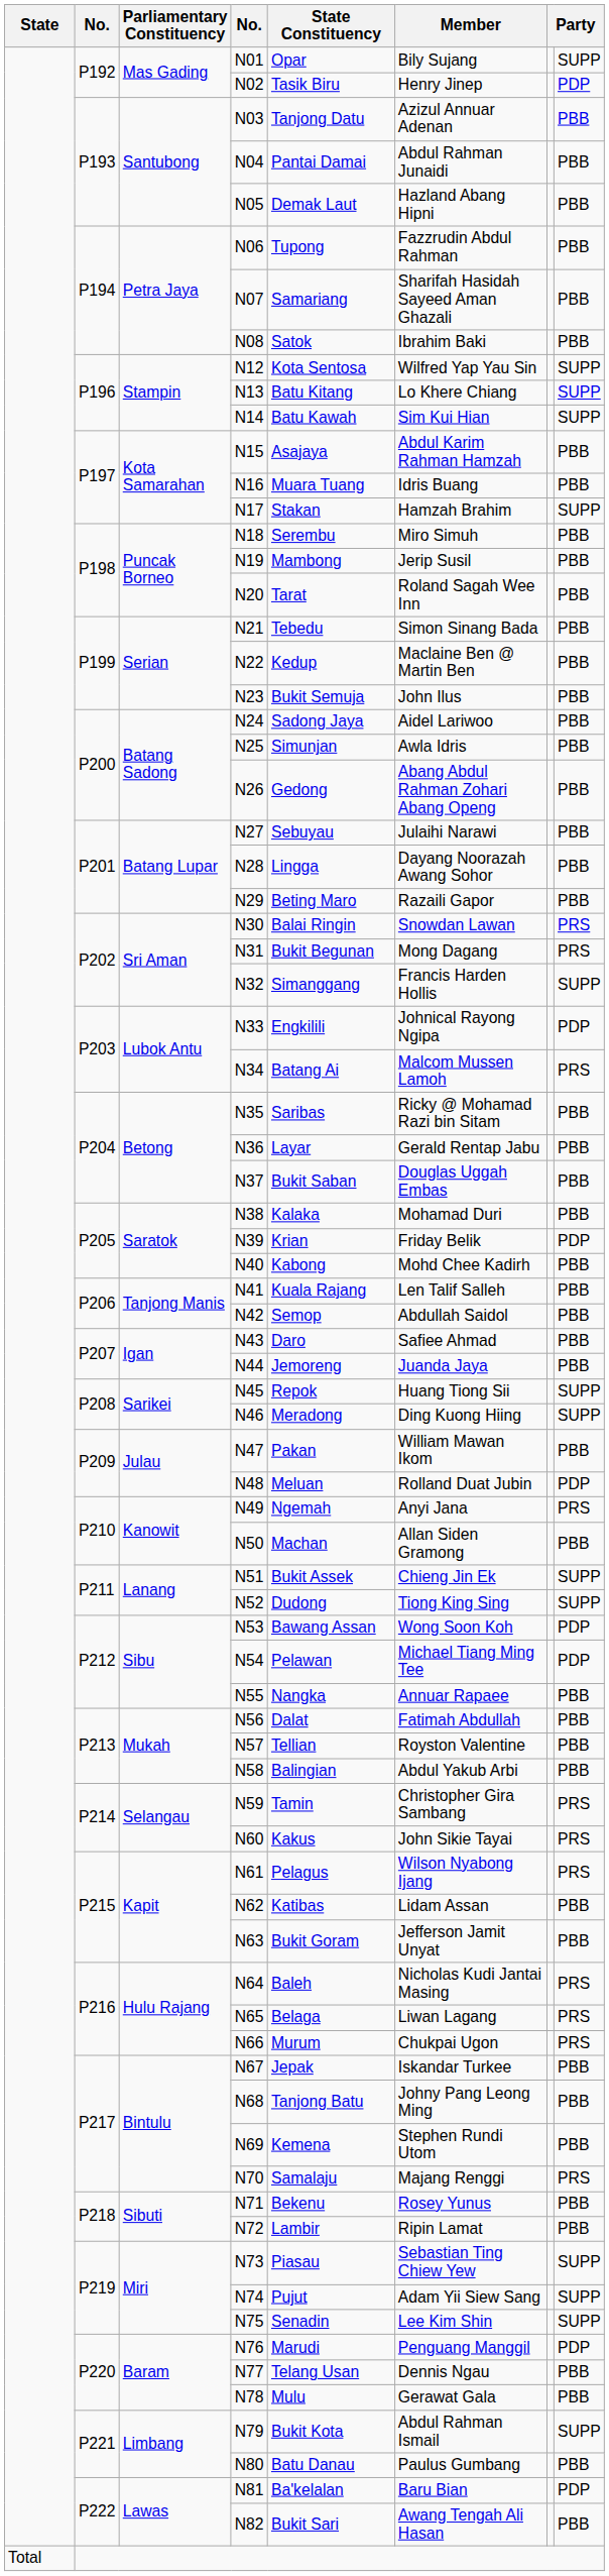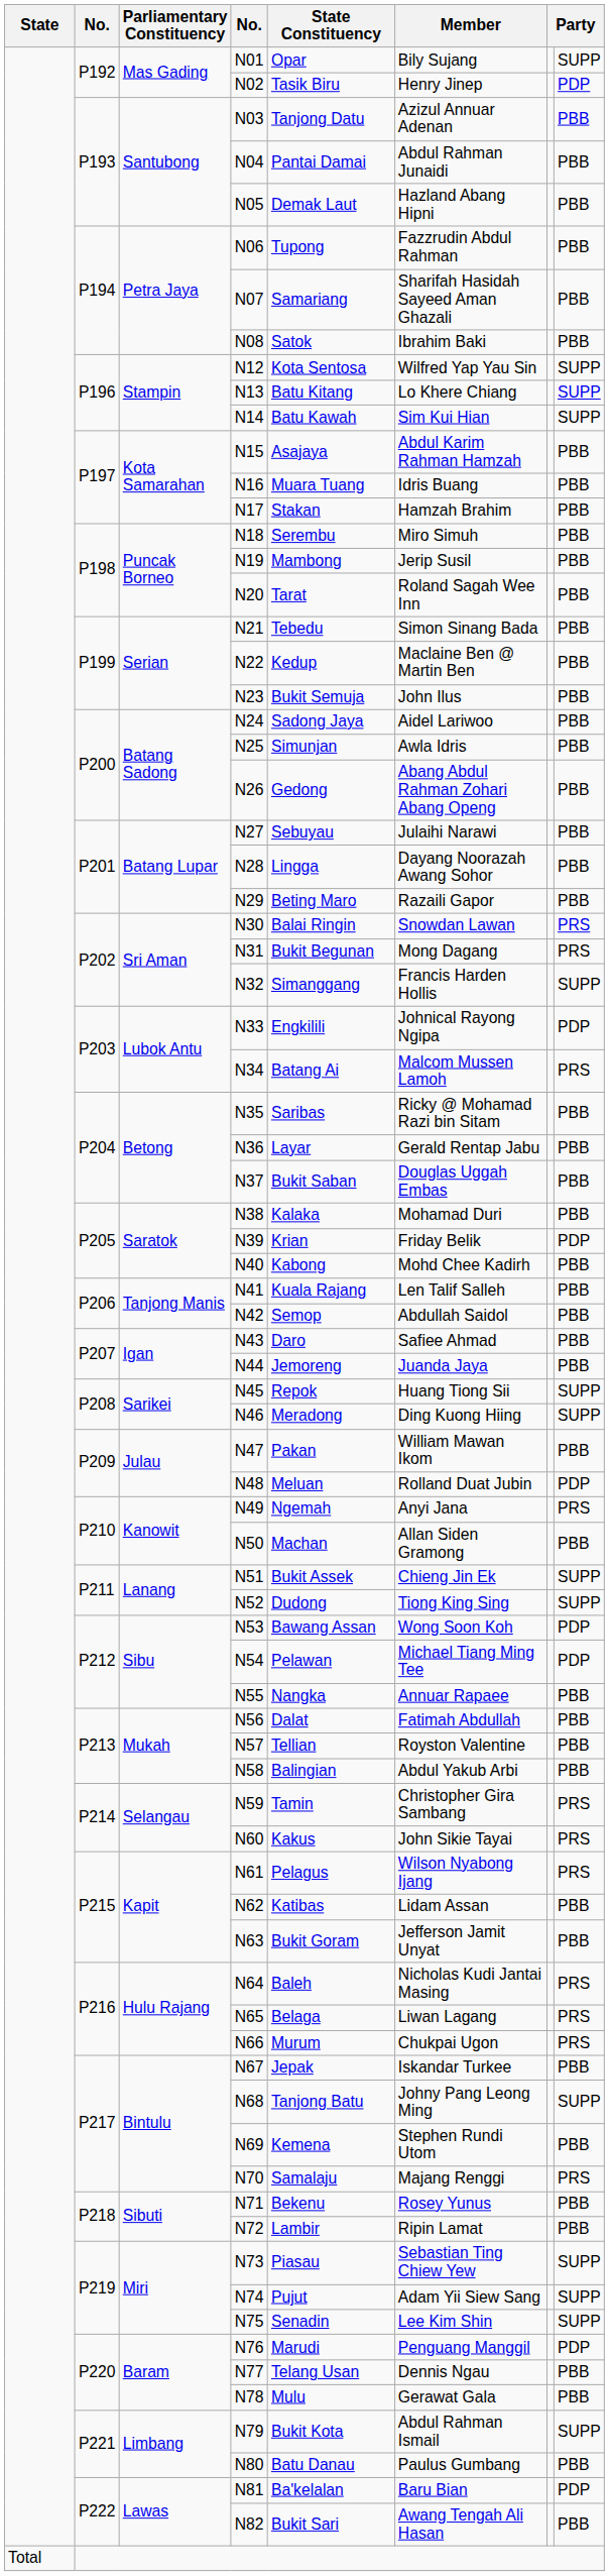 <table class="wikitable sortable">
 <tr>
 <th style="width:100px;">State</th>
 <th>No.</th>
 <th>Parliamentary Constituency</th>
 <th style="width:30px;">No.</th>
 <th style="width:150px;">State Constituency</th>
 <th style="width:240px;">Member</th>
 <th style="width:80px;" colspan=2>Party</th>
 </tr>
 <tr>
 <td rowspan="79"></td>
 <td rowspan="2">P192</td>
 <td rowspan="2"><a href='#'>Mas Gading</a></td>
 <td>N01</td>
 <td><a href='#'>Opar</a></td>
 <td>Bily Sujang</td>
 <td style="background:"></td>
 <td>SUPP</td>
 </tr>
 <tr>
 <td>N02</td>
 <td><a href='#'>Tasik Biru</a></td>
 <td>Henry Jinep</td>
 <td style="background:"></td>
 <td><a href='#'>PDP</a></td>
 </tr>
 <tr>
 <td rowspan="3">P193</td>
 <td rowspan="3"><a href='#'>Santubong</a></td>
 <td>N03</td>
 <td><a href='#'>Tanjong Datu</a></td>
 <td>Azizul Annuar Adenan</td>
 <td style="background:"></td>
 <td><a href='#'>PBB</a></td>
 </tr>
 <tr>
 <td>N04</td>
 <td><a href='#'>Pantai Damai</a></td>
 <td>Abdul Rahman Junaidi</td>
 <td style="background:"></td>
 <td>PBB</td>
 </tr>
 <tr>
 <td>N05</td>
 <td><a href='#'>Demak Laut</a></td>
 <td>Hazland Abang Hipni</td>
 <td style="background:"></td>
 <td>PBB</td>
 </tr>
 <tr>
 <td rowspan="3">P194</td>
 <td rowspan="3"><a href='#'>Petra Jaya</a></td>
 <td>N06</td>
 <td><a href='#'>Tupong</a></td>
 <td>Fazzrudin Abdul Rahman</td>
 <td style="background:"></td>
 <td>PBB</td>
 </tr>
 <tr>
 <td>N07</td>
 <td><a href='#'>Samariang</a></td>
 <td>Sharifah Hasidah Sayeed Aman Ghazali</td>
 <td style="background:"></td>
 <td>PBB</td>
 </tr>
 <tr>
 <td>N08</td>
 <td><a href='#'>Satok</a></td>
 <td>Ibrahim Baki</td>
 <td style="background:"></td>
 <td>PBB</td>
 </tr>
 <tr>
 <td rowspan="3">P196</td>
 <td rowspan="3"><a href='#'>Stampin</a></td>
 <td>N12</td>
 <td><a href='#'>Kota Sentosa</a></td>
 <td>Wilfred Yap Yau Sin</td>
 <td style="background:"></td>
 <td>SUPP</td>
 </tr>
 <tr>
 <td>N13</td>
 <td><a href='#'>Batu Kitang</a></td>
 <td>Lo Khere Chiang</td>
 <td style="background:"></td>
 <td><a href='#'>SUPP</a></td>
 </tr>
 <tr>
 <td>N14</td>
 <td><a href='#'>Batu Kawah</a></td>
 <td><a href='#'>Sim Kui Hian</a></td>
 <td style="background:"></td>
 <td>SUPP</td>
 </tr>
 <tr>
 <td rowspan="3">P197</td>
 <td rowspan="3"><a href='#'>Kota Samarahan</a></td>
 <td>N15</td>
 <td><a href='#'>Asajaya</a></td>
 <td><a href='#'>Abdul Karim Rahman Hamzah</a></td>
 <td style="background:"></td>
 <td>PBB</td>
 </tr>
 <tr>
 <td>N16</td>
 <td><a href='#'>Muara Tuang</a></td>
 <td>Idris Buang</td>
 <td style="background:"></td>
 <td>PBB</td>
 </tr>
 <tr>
 <td>N17</td>
 <td><a href='#'>Stakan</a></td>
 <td>Hamzah Brahim</td>
 <td style="background:"></td>
-<td>SUPP</td>
+<td>PBB</td>
 </tr>
 <tr>
 <td rowspan="3">P198</td>
 <td rowspan="3"><a href='#'>Puncak Borneo</a></td>
 <td>N18</td>
 <td><a href='#'>Serembu</a></td>
 <td>Miro Simuh</td>
 <td style="background:"></td>
 <td>PBB</td>
 </tr>
 <tr>
 <td>N19</td>
 <td><a href='#'>Mambong</a></td>
 <td>Jerip Susil</td>
 <td style="background:"></td>
 <td>PBB</td>
 </tr>
 <tr>
 <td>N20</td>
 <td><a href='#'>Tarat</a></td>
 <td>Roland Sagah Wee Inn</td>
 <td style="background:"></td>
 <td>PBB</td>
 </tr>
 <tr>
 <td rowspan="3">P199</td>
 <td rowspan="3"><a href='#'>Serian</a></td>
 <td>N21</td>
 <td><a href='#'>Tebedu</a></td>
 <td>Simon Sinang Bada</td>
 <td style="background:"></td>
 <td>PBB</td>
 </tr>
 <tr>
 <td>N22</td>
 <td><a href='#'>Kedup</a></td>
 <td>Maclaine Ben @ Martin Ben</td>
 <td style="background:"></td>
 <td>PBB</td>
 </tr>
 <tr>
 <td>N23</td>
 <td><a href='#'>Bukit Semuja</a></td>
 <td>John Ilus</td>
 <td style="background:"></td>
 <td>PBB</td>
 </tr>
 <tr>
 <td rowspan="3">P200</td>
 <td rowspan="3"><a href='#'>Batang Sadong</a></td>
 <td>N24</td>
 <td><a href='#'>Sadong Jaya</a></td>
 <td>Aidel Lariwoo</td>
 <td style="background:"></td>
 <td>PBB</td>
 </tr>
 <tr>
 <td>N25</td>
 <td><a href='#'>Simunjan</a></td>
 <td>Awla Idris</td>
 <td style="background:"></td>
 <td>PBB</td>
 </tr>
 <tr>
 <td>N26</td>
 <td><a href='#'>Gedong</a></td>
 <td><a href='#'>Abang Abdul Rahman Zohari Abang Openg</a></td>
 <td style="background:"></td>
 <td>PBB</td>
 </tr>
 <tr>
 <td rowspan="3">P201</td>
 <td rowspan="3"><a href='#'>Batang Lupar</a></td>
 <td>N27</td>
 <td><a href='#'>Sebuyau</a></td>
 <td>Julaihi Narawi</td>
 <td style="background:"></td>
 <td>PBB</td>
 </tr>
 <tr>
 <td>N28</td>
 <td><a href='#'>Lingga</a></td>
 <td>Dayang Noorazah Awang Sohor</td>
 <td style="background:"></td>
 <td>PBB</td>
 </tr>
 <tr>
 <td>N29</td>
 <td><a href='#'>Beting Maro</a></td>
 <td>Razaili Gapor</td>
 <td style="background:"></td>
 <td>PBB</td>
 </tr>
 <tr>
 <td rowspan="3">P202</td>
 <td rowspan="3"><a href='#'>Sri Aman</a></td>
 <td>N30</td>
 <td><a href='#'>Balai Ringin</a></td>
 <td><a href='#'>Snowdan Lawan</a></td>
 <td style="background:"></td>
 <td><a href='#'>PRS</a></td>
 </tr>
 <tr>
 <td>N31</td>
 <td><a href='#'>Bukit Begunan</a></td>
 <td>Mong Dagang</td>
 <td style="background:"></td>
 <td>PRS</td>
 </tr>
 <tr>
 <td>N32</td>
 <td><a href='#'>Simanggang</a></td>
 <td>Francis Harden Hollis</td>
 <td style="background:"></td>
 <td>SUPP</td>
 </tr>
 <tr>
 <td rowspan=2>P203</td>
 <td rowspan=2><a href='#'>Lubok Antu</a></td>
 <td>N33</td>
 <td><a href='#'>Engkilili</a></td>
 <td>Johnical Rayong Ngipa</td>
 <td style="background:"></td>
 <td>PDP</td>
 </tr>
 <tr>
 <td>N34</td>
 <td><a href='#'>Batang Ai</a></td>
 <td><a href='#'>Malcom Mussen Lamoh</a></td>
 <td style="background:"></td>
 <td>PRS</td>
 </tr>
 <tr>
 <td rowspan="3">P204</td>
 <td rowspan="3"><a href='#'>Betong</a></td>
 <td>N35</td>
 <td><a href='#'>Saribas</a></td>
 <td>Ricky @ Mohamad Razi bin Sitam</td>
 <td style="background:"></td>
 <td>PBB</td>
 </tr>
 <tr>
 <td>N36</td>
 <td><a href='#'>Layar</a></td>
 <td>Gerald Rentap Jabu</td>
 <td style="background:"></td>
 <td>PBB</td>
 </tr>
 <tr>
 <td>N37</td>
 <td><a href='#'>Bukit Saban</a></td>
 <td><a href='#'>Douglas Uggah Embas</a></td>
 <td style="background:"></td>
 <td>PBB</td>
 </tr>
 <tr>
 <td rowspan="3">P205</td>
 <td rowspan="3"><a href='#'>Saratok</a></td>
 <td>N38</td>
 <td><a href='#'>Kalaka</a></td>
 <td>Mohamad Duri</td>
 <td style="background:"></td>
 <td>PBB</td>
 </tr>
 <tr>
 <td>N39</td>
 <td><a href='#'>Krian</a></td>
 <td>Friday Belik</td>
 <td style="background:"></td>
 <td>PDP</td>
 </tr>
 <tr>
 <td>N40</td>
 <td><a href='#'>Kabong</a></td>
 <td>Mohd Chee Kadirh</td>
 <td style="background:"></td>
 <td>PBB</td>
 </tr>
 <tr>
 <td rowspan="2">P206</td>
 <td rowspan="2"><a href='#'>Tanjong Manis</a></td>
 <td>N41</td>
 <td><a href='#'>Kuala Rajang</a></td>
 <td>Len Talif Salleh</td>
 <td style="background:"></td>
 <td>PBB</td>
 </tr>
 <tr>
 <td>N42</td>
 <td><a href='#'>Semop</a></td>
 <td>Abdullah Saidol</td>
 <td style="background:"></td>
 <td>PBB</td>
 </tr>
 <tr>
 <td rowspan="2">P207</td>
 <td rowspan="2"><a href='#'>Igan</a></td>
 <td>N43</td>
 <td><a href='#'>Daro</a></td>
 <td>Safiee Ahmad</td>
 <td style="background:"></td>
 <td>PBB</td>
 </tr>
 <tr>
 <td>N44</td>
 <td><a href='#'>Jemoreng</a></td>
 <td><a href='#'>Juanda Jaya</a></td>
 <td style="background:"></td>
 <td>PBB</td>
 </tr>
 <tr>
 <td rowspan="2">P208</td>
 <td rowspan="2"><a href='#'>Sarikei</a></td>
 <td>N45</td>
 <td><a href='#'>Repok</a></td>
 <td>Huang Tiong Sii</td>
 <td style="background:"></td>
 <td>SUPP</td>
 </tr>
 <tr>
 <td>N46</td>
 <td><a href='#'>Meradong</a></td>
 <td>Ding Kuong Hiing</td>
 <td style="background:"></td>
 <td>SUPP</td>
 </tr>
 <tr>
 <td rowspan="2">P209</td>
 <td rowspan="2"><a href='#'>Julau</a></td>
 <td>N47</td>
 <td><a href='#'>Pakan</a></td>
 <td>William Mawan Ikom</td>
 <td style="background:"></td>
 <td>PBB</td>
 </tr>
 <tr>
 <td>N48</td>
 <td><a href='#'>Meluan</a></td>
 <td>Rolland Duat Jubin</td>
 <td style="background:"></td>
 <td>PDP</td>
 </tr>
 <tr>
 <td rowspan="2">P210</td>
 <td rowspan="2"><a href='#'>Kanowit</a></td>
 <td>N49</td>
 <td><a href='#'>Ngemah</a></td>
 <td>Anyi Jana</td>
 <td style="background:"></td>
 <td>PRS</td>
 </tr>
 <tr>
 <td>N50</td>
 <td><a href='#'>Machan</a></td>
 <td>Allan Siden Gramong</td>
 <td style="background:"></td>
 <td>PBB</td>
 </tr>
 <tr>
 <td rowspan="2">P211</td>
 <td rowspan="2"><a href='#'>Lanang</a></td>
 <td>N51</td>
 <td><a href='#'>Bukit Assek</a></td>
 <td><a href='#'>Chieng Jin Ek</a></td>
 <td style="background:"></td>
 <td>SUPP</td>
 </tr>
 <tr>
 <td>N52</td>
 <td><a href='#'>Dudong</a></td>
 <td><a href='#'>Tiong King Sing</a></td>
 <td style="background:"></td>
 <td>SUPP</td>
 </tr>
 <tr>
 <td rowspan="3">P212</td>
 <td rowspan="3"><a href='#'>Sibu</a></td>
 <td>N53</td>
 <td><a href='#'>Bawang Assan</a></td>
 <td><a href='#'>Wong Soon Koh</a></td>
 <td style="background:"></td>
 <td>PDP</td>
 </tr>
 <tr>
 <td>N54</td>
 <td><a href='#'>Pelawan</a></td>
 <td><a href='#'>Michael Tiang Ming Tee</a></td>
 <td style="background:"></td>
 <td>PDP</td>
 </tr>
 <tr>
 <td>N55</td>
 <td><a href='#'>Nangka</a></td>
 <td><a href='#'>Annuar Rapaee</a></td>
 <td style="background:"></td>
 <td>PBB</td>
 </tr>
 <tr>
 <td rowspan="3">P213</td>
 <td rowspan="3"><a href='#'>Mukah</a></td>
 <td>N56</td>
 <td><a href='#'>Dalat</a></td>
 <td><a href='#'>Fatimah Abdullah</a></td>
 <td style="background:"></td>
 <td>PBB</td>
 </tr>
 <tr>
 <td>N57</td>
 <td><a href='#'>Tellian</a></td>
 <td>Royston Valentine</td>
 <td style="background:"></td>
 <td>PBB</td>
 </tr>
 <tr>
 <td>N58</td>
 <td><a href='#'>Balingian</a></td>
 <td>Abdul Yakub Arbi</td>
 <td style="background:"></td>
 <td>PBB</td>
 </tr>
 <tr>
 <td rowspan="2">P214</td>
 <td rowspan="2"><a href='#'>Selangau</a></td>
 <td>N59</td>
 <td><a href='#'>Tamin</a></td>
 <td>Christopher Gira Sambang</td>
 <td style="background:"></td>
 <td>PRS</td>
 </tr>
 <tr>
 <td>N60</td>
 <td><a href='#'>Kakus</a></td>
 <td>John Sikie Tayai</td>
 <td style="background:"></td>
 <td>PRS</td>
 </tr>
 <tr>
 <td rowspan="3">P215</td>
 <td rowspan="3"><a href='#'>Kapit</a></td>
 <td>N61</td>
 <td><a href='#'>Pelagus</a></td>
 <td><a href='#'>Wilson Nyabong Ijang</a></td>
 <td style="background:"></td>
 <td>PRS</td>
 </tr>
 <tr>
 <td>N62</td>
 <td><a href='#'>Katibas</a></td>
 <td>Lidam Assan</td>
 <td style="background:"></td>
 <td>PBB</td>
 </tr>
 <tr>
 <td>N63</td>
 <td><a href='#'>Bukit Goram</a></td>
 <td>Jefferson Jamit Unyat</td>
 <td style="background:"></td>
 <td>PBB</td>
 </tr>
 <tr>
 <td rowspan="3">P216</td>
 <td rowspan="3"><a href='#'>Hulu Rajang</a></td>
 <td>N64</td>
 <td><a href='#'>Baleh</a></td>
 <td>Nicholas Kudi Jantai Masing</td>
 <td style="background:"></td>
 <td>PRS</td>
 </tr>
 <tr>
 <td>N65</td>
 <td><a href='#'>Belaga</a></td>
 <td>Liwan Lagang</td>
 <td style="background:"></td>
 <td>PRS</td>
 </tr>
 <tr>
 <td>N66</td>
 <td><a href='#'>Murum</a></td>
 <td>Chukpai Ugon</td>
 <td style="background:"></td>
 <td>PRS</td>
 </tr>
 <tr>
 <td rowspan="4">P217</td>
 <td rowspan="4"><a href='#'>Bintulu</a></td>
 <td>N67</td>
 <td><a href='#'>Jepak</a></td>
 <td>Iskandar Turkee</td>
 <td style="background:"></td>
 <td>PBB</td>
 </tr>
 <tr>
 <td>N68</td>
 <td><a href='#'>Tanjong Batu</a></td>
 <td>Johny Pang Leong Ming</td>
 <td style="background:"></td>
-<td>PBB</td>
+<td>SUPP</td>
 </tr>
 <tr>
 <td>N69</td>
 <td><a href='#'>Kemena</a></td>
 <td>Stephen Rundi Utom</td>
 <td style="background:"></td>
 <td>PBB</td>
 </tr>
 <tr>
 <td>N70</td>
 <td><a href='#'>Samalaju</a></td>
 <td>Majang Renggi</td>
 <td style="background:"></td>
 <td>PRS</td>
 </tr>
 <tr>
 <td rowspan="2">P218</td>
 <td rowspan="2"><a href='#'>Sibuti</a></td>
 <td>N71</td>
 <td><a href='#'>Bekenu</a></td>
 <td><a href='#'>Rosey Yunus</a></td>
 <td style="background:"></td>
 <td>PBB</td>
 </tr>
 <tr>
 <td>N72</td>
 <td><a href='#'>Lambir</a></td>
 <td>Ripin Lamat</td>
 <td style="background:"></td>
 <td>PBB</td>
 </tr>
 <tr>
 <td rowspan="3">P219</td>
 <td rowspan="3"><a href='#'>Miri</a></td>
 <td>N73</td>
 <td><a href='#'>Piasau</a></td>
 <td><a href='#'>Sebastian Ting Chiew Yew</a></td>
 <td style="background:"></td>
 <td>SUPP</td>
 </tr>
 <tr>
 <td>N74</td>
 <td><a href='#'>Pujut</a></td>
 <td>Adam Yii Siew Sang</td>
 <td style="background:"></td>
 <td>SUPP</td>
 </tr>
 <tr>
 <td>N75</td>
 <td><a href='#'>Senadin</a></td>
 <td><a href='#'>Lee Kim Shin</a></td>
 <td style="background:"></td>
 <td>SUPP</td>
 </tr>
 <tr>
 <td rowspan="3">P220</td>
 <td rowspan="3"><a href='#'>Baram</a></td>
 <td>N76</td>
 <td><a href='#'>Marudi</a></td>
 <td><a href='#'>Penguang Manggil</a></td>
 <td style="background:"></td>
 <td>PDP</td>
 </tr>
 <tr>
 <td>N77</td>
 <td><a href='#'>Telang Usan</a></td>
 <td>Dennis Ngau</td>
 <td style="background:"></td>
 <td>PBB</td>
 </tr>
 <tr>
 <td>N78</td>
 <td><a href='#'>Mulu</a></td>
 <td>Gerawat Gala</td>
 <td style="background:"></td>
 <td>PBB</td>
 </tr>
 <tr>
 <td rowspan="2">P221</td>
 <td rowspan="2"><a href='#'>Limbang</a></td>
 <td>N79</td>
 <td><a href='#'>Bukit Kota</a></td>
 <td>Abdul Rahman Ismail</td>
 <td style="background:"></td>
 <td>SUPP</td>
 </tr>
 <tr>
 <td>N80</td>
 <td><a href='#'>Batu Danau</a></td>
 <td>Paulus Gumbang</td>
 <td style="background:"></td>
 <td>PBB</td>
 </tr>
 <tr>
 <td rowspan=2>P222</td>
 <td rowspan=2><a href='#'>Lawas</a></td>
 <td>N81</td>
 <td><a href='#'>Ba'kelalan</a></td>
 <td><a href='#'>Baru Bian</a></td>
 <td style="background:"></td>
 <td>PDP</td>
 </tr>
 <tr>
 <td>N82</td>
 <td><a href='#'>Bukit Sari</a></td>
 <td><a href='#'>Awang Tengah Ali Hasan</a></td>
 <td style="background:"></td>
 <td>PBB</td>
 </tr>
 <tr>
 <td>Total</td>
 <td colspan="7"></td>
 </tr>
 </table>
